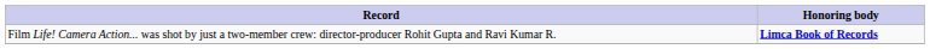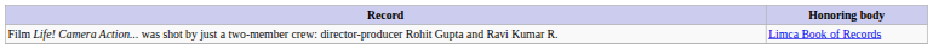 <table class="wikitable" style="width: 60%; font-size: 95%;">
 <tr style="text-align:center;">
 <th style="background:#cce;">Record</th>
 <th style="background:#cce;">Honoring body</th>
 </tr>
 <tr>
 <td>Film <em>Life! Camera Action...</em> was shot by just a two-member crew: director-producer Rohit Gupta and Ravi Kumar R.</td>
-<td><strong><a href='#'>Limca Book of Records</a></strong></td>
+<td><a href='#'>Limca Book of Records</a></td>
 </tr>
 <tr>
 </tr>
 </table>
